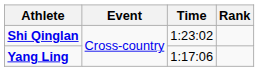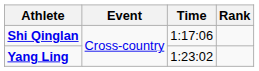 <table class="wikitable"  style="font-size:90%; display:inline-table;">
 <tr>
 <th>Athlete</th>
 <th>Event</th>
 <th>Time</th>
 <th>Rank</th>
 </tr>
 <tr>
 <td><strong><a href='#'>Shi Qinglan</a></strong></td>
 <td rowspan=2><a href='#'>Cross-country</a></td>
-<td align=center>1:23:02</td>
+<td align=center>1:17:06</td>
 <td align=center></td>
 </tr>
 <tr>
 <td><strong><a href='#'>Yang Ling</a></strong></td>
-<td align=center>1:17:06</td>
+<td align=center>1:23:02</td>
 <td align=center></td>
 </tr>
 </table>
